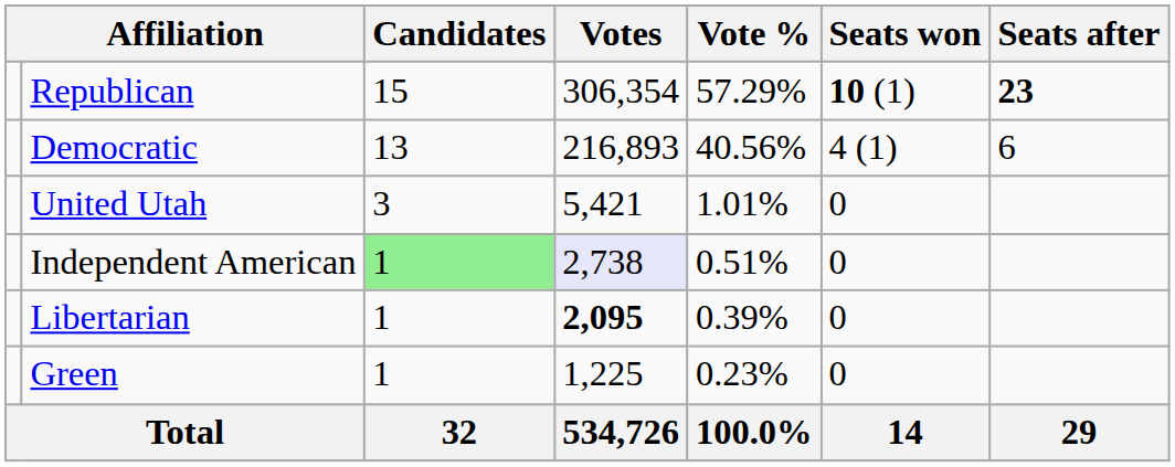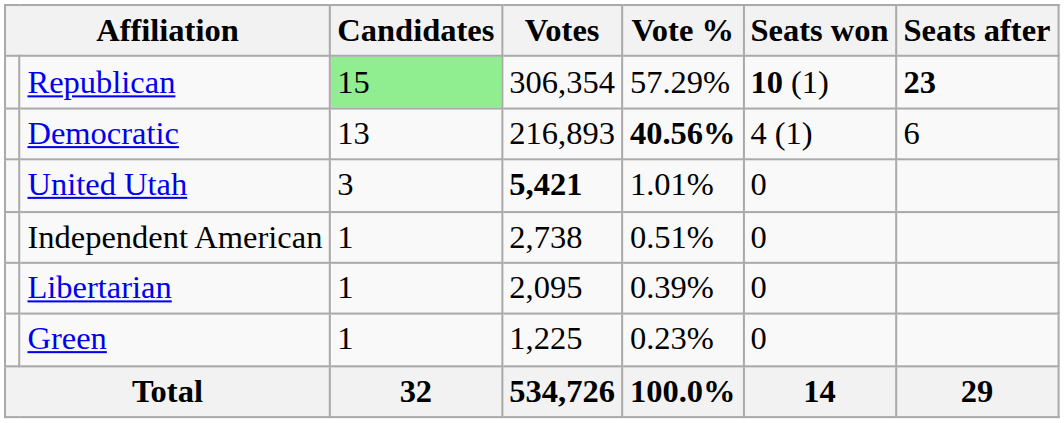 <table class="wikitable">
 <tr>
 <th colspan="2">Affiliation</th>
 <th>Candidates</th>
 <th>Votes</th>
 <th>Vote %</th>
 <th>Seats won</th>
 <th>Seats after</th>
 </tr>
 <tr>
 <td style="background-color:"></td>
 <td><a href='#'>Republican</a></td>
-<td>15</td>
+<td style="background: lightgreen;">15</td>
 <td>306,354</td>
 <td>57.29%</td>
 <td><strong>10</strong> (1)</td>
 <td><strong>23</strong></td>
 </tr>
 <tr>
 <td style="background-color:"></td>
 <td><a href='#'>Democratic</a></td>
 <td>13</td>
 <td>216,893</td>
-<td>40.56%</td>
+<td><strong>40.56%</strong></td>
 <td>4 (1)</td>
 <td>6</td>
 </tr>
 <tr>
 <td style="background-color:"></td>
 <td><a href='#'>United Utah</a></td>
 <td>3</td>
-<td>5,421</td>
+<td><strong>5,421</strong></td>
 <td>1.01%</td>
 <td>0</td>
 <td></td>
 </tr>
 <tr>
 <td style="background-color:"></td>
 <td>Independent American</td>
-<td style="background: lightgreen;">1</td>
-<td style="background: lavender;">2,738</td>
+<td>1</td>
+<td>2,738</td>
 <td>0.51%</td>
 <td>0</td>
 <td></td>
 </tr>
 <tr>
 <td style="background-color:"></td>
 <td><a href='#'>Libertarian</a></td>
 <td>1</td>
-<td><strong>2,095</strong></td>
+<td>2,095</td>
 <td>0.39%</td>
 <td>0</td>
 <td></td>
 </tr>
 <tr>
 <td style="background-color:"></td>
 <td><a href='#'>Green</a></td>
 <td>1</td>
 <td>1,225</td>
 <td>0.23%</td>
 <td>0</td>
 <td></td>
 </tr>
 <tr>
 <th colspan="2">Total</th>
 <th>32</th>
 <th>534,726</th>
 <th>100.0%</th>
 <th>14</th>
 <th>29</th>
 </tr>
 </table>
